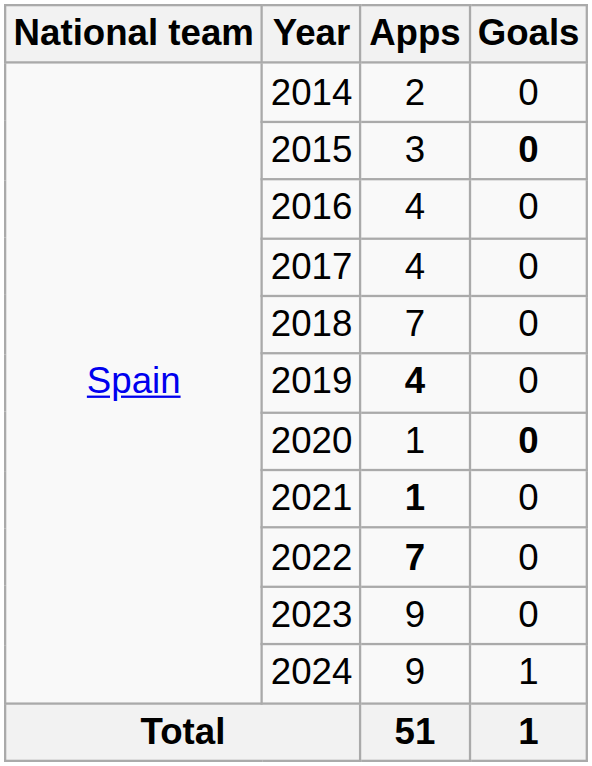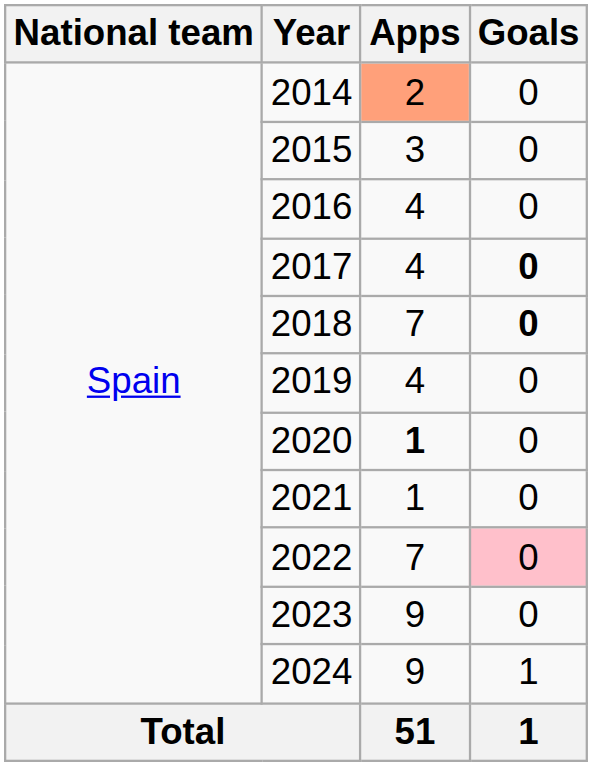 <table class="wikitable" style="text-align:center">
 <tr>
 <th>National team</th>
 <th>Year</th>
 <th>Apps</th>
 <th>Goals</th>
 </tr>
 <tr>
 <td rowspan=11><a href='#'>Spain</a></td>
 <td>2014</td>
-<td>2</td>
+<td style="background: lightsalmon;">2</td>
 <td>0</td>
 </tr>
 <tr>
 <td>2015</td>
 <td>3</td>
-<td><strong>0</strong></td>
+<td>0</td>
 </tr>
 <tr>
 <td>2016</td>
 <td>4</td>
 <td>0</td>
 </tr>
 <tr>
 <td>2017</td>
 <td>4</td>
-<td>0</td>
+<td><strong>0</strong></td>
 </tr>
 <tr>
 <td>2018</td>
 <td>7</td>
-<td>0</td>
+<td><strong>0</strong></td>
 </tr>
 <tr>
 <td>2019</td>
-<td><strong>4</strong></td>
+<td>4</td>
 <td>0</td>
 </tr>
 <tr>
 <td>2020</td>
-<td>1</td>
-<td><strong>0</strong></td>
-</tr>
-<tr>
-<td>2021</td>
 <td><strong>1</strong></td>
 <td>0</td>
 </tr>
 <tr>
+<td>2021</td>
+<td>1</td>
+<td>0</td>
+</tr>
+<tr>
 <td>2022</td>
-<td><strong>7</strong></td>
-<td>0</td>
+<td>7</td>
+<td style="background: pink;">0</td>
 </tr>
 <tr>
 <td>2023</td>
 <td>9</td>
 <td>0</td>
 </tr>
 <tr>
 <td>2024</td>
 <td>9</td>
 <td>1</td>
 </tr>
 <tr>
 <th colspan=2>Total</th>
 <th>51</th>
 <th>1</th>
 </tr>
 </table>
